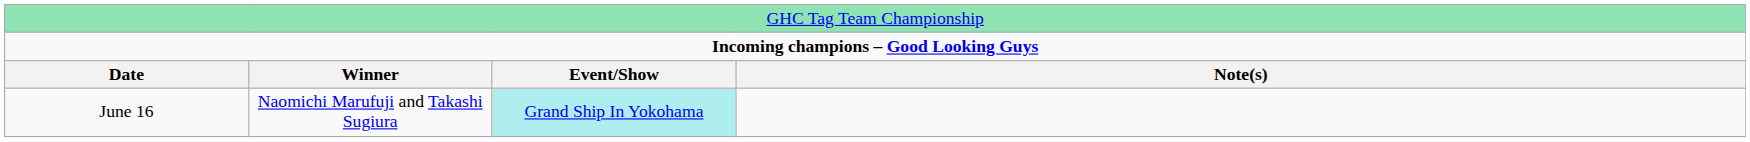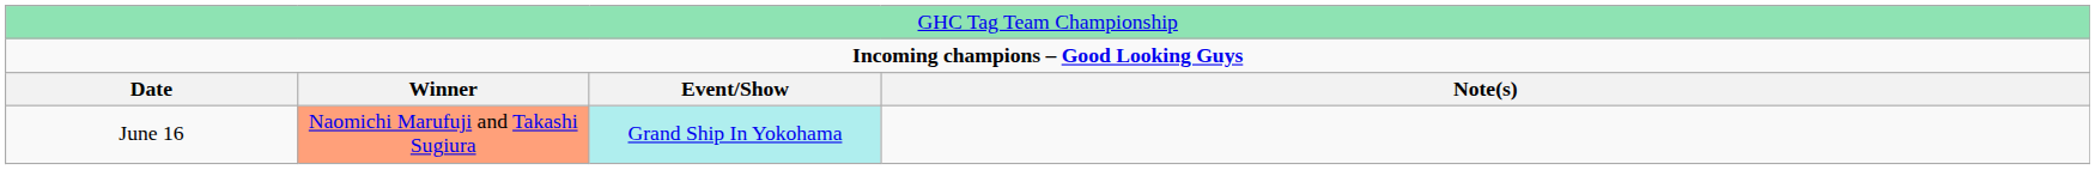 <table class="wikitable" style="text-align:center; width:100%;">
 <tr style="background:#8ee3b3;">
 <td colspan="4" style="text-align: center;"><a href='#'>GHC Tag Team Championship</a></td>
 </tr>
 <tr>
 <td colspan="4" style="text-align: center;"><strong>Incoming champions – <a href='#'>Good Looking Guys</a> </strong></td>
 </tr>
 <tr>
 <th width=14%>Date</th>
 <th width=14%>Winner</th>
 <th width=14%>Event/Show</th>
 <th width=58%>Note(s)</th>
 </tr>
 <tr>
 <td>June 16</td>
-<td><a href='#'>Naomichi Marufuji</a> and <a href='#'>Takashi Sugiura</a></td>
+<td style="background: lightsalmon;"><a href='#'>Naomichi Marufuji</a> and <a href='#'>Takashi Sugiura</a></td>
 <td style="background: paleturquoise;"><a href='#'>Grand Ship In Yokohama</a></td>
 <td></td>
 </tr>
 </table>
